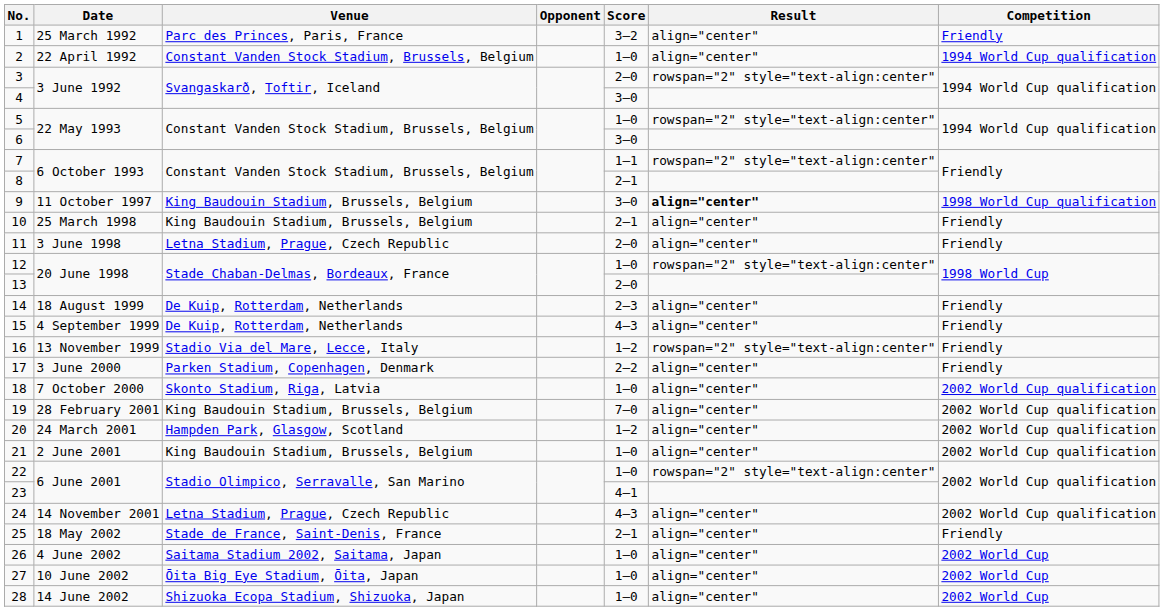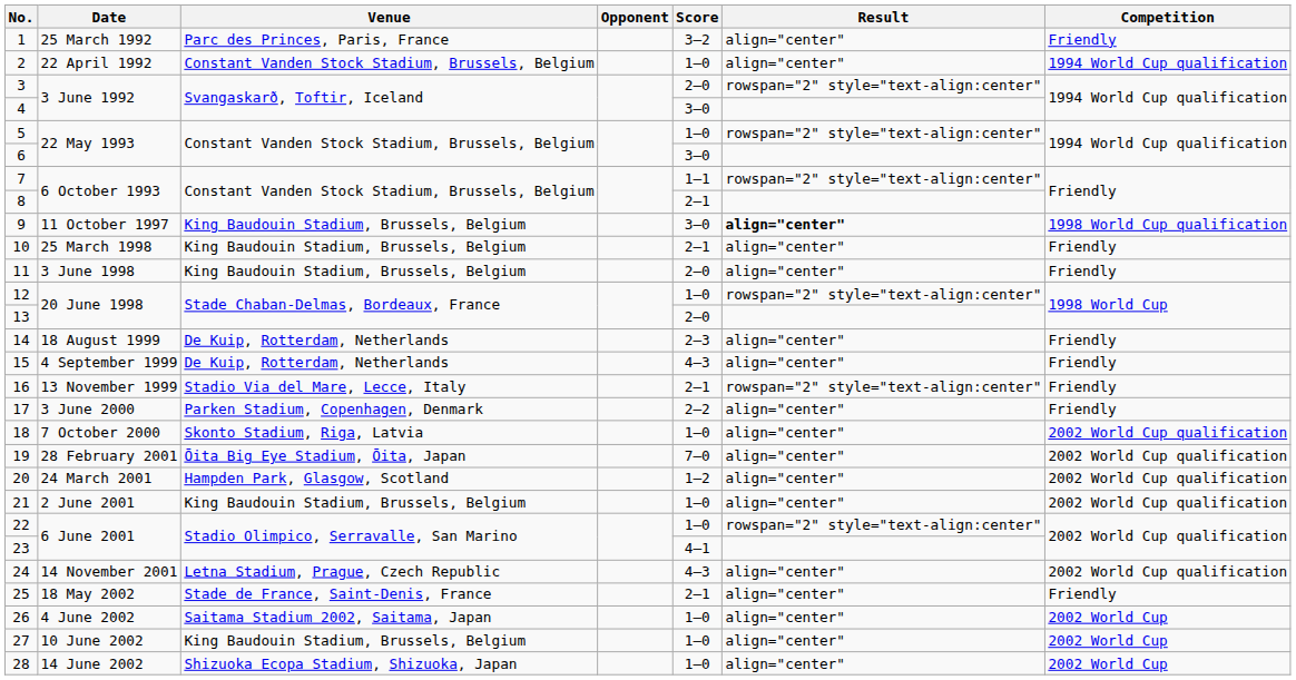 <table class="wikitable sortable">
 <tr>
 <th scope="col">No.</th>
 <th scope="col">Date</th>
 <th scope="col">Venue</th>
 <th scope="col">Opponent</th>
 <th scope="col">Score</th>
 <th scope="col">Result</th>
 <th scope="col">Competition</th>
 </tr>
 <tr>
 <td align="center">1</td>
 <td>25 March 1992</td>
 <td><a href='#'>Parc des Princes</a>, Paris, France</td>
 <td></td>
 <td align="center">3–2</td>
 <td>align="center"</td>
 <td><a href='#'>Friendly</a></td>
 </tr>
 <tr>
 <td align="center">2</td>
 <td>22 April 1992</td>
 <td><a href='#'>Constant Vanden Stock Stadium</a>, <a href='#'>Brussels</a>, Belgium</td>
 <td></td>
 <td align="center">1–0</td>
 <td>align="center"</td>
 <td><a href='#'>1994 World Cup qualification</a></td>
 </tr>
 <tr>
 <td align="center">3</td>
 <td rowspan="2">3 June 1992</td>
 <td rowspan="2"><a href='#'>Svangaskarð</a>, <a href='#'>Toftir</a>, Iceland</td>
 <td rowspan="2"></td>
 <td align="center">2–0</td>
 <td>rowspan="2" style="text-align:center"</td>
 <td rowspan="2">1994 World Cup qualification</td>
 </tr>
 <tr>
 <td align="center">4</td>
 <td align="center">3–0</td>
 </tr>
 <tr>
 <td align="center">5</td>
 <td rowspan="2">22 May 1993</td>
 <td rowspan="2">Constant Vanden Stock Stadium, Brussels, Belgium</td>
 <td rowspan="2"></td>
 <td align="center">1–0</td>
 <td>rowspan="2" style="text-align:center"</td>
 <td rowspan="2">1994 World Cup qualification</td>
 </tr>
 <tr>
 <td align="center">6</td>
 <td align="center">3–0</td>
 </tr>
 <tr>
 <td align="center">7</td>
 <td rowspan="2">6 October 1993</td>
 <td rowspan="2">Constant Vanden Stock Stadium, Brussels, Belgium</td>
 <td rowspan="2"></td>
 <td align="center">1–1</td>
 <td>rowspan="2" style="text-align:center"</td>
 <td rowspan="2">Friendly</td>
 </tr>
 <tr>
 <td align="center">8</td>
 <td align="center">2–1</td>
 </tr>
 <tr>
 <td align="center">9</td>
 <td>11 October 1997</td>
 <td><a href='#'>King Baudouin Stadium</a>, Brussels, Belgium</td>
 <td></td>
 <td align="center">3–0</td>
 <td><strong>align="center"</strong></td>
 <td><a href='#'>1998 World Cup qualification</a></td>
 </tr>
 <tr>
 <td align="center">10</td>
 <td>25 March 1998</td>
 <td>King Baudouin Stadium, Brussels, Belgium</td>
 <td></td>
 <td align="center">2–1</td>
 <td>align="center"</td>
 <td>Friendly</td>
 </tr>
 <tr>
 <td align="center">11</td>
 <td>3 June 1998</td>
-<td><a href='#'>Letna Stadium</a>, <a href='#'>Prague</a>, Czech Republic</td>
+<td>King Baudouin Stadium, Brussels, Belgium</td>
 <td></td>
 <td align="center">2–0</td>
 <td>align="center"</td>
 <td>Friendly</td>
 </tr>
 <tr>
 <td align="center">12</td>
 <td rowspan="2">20 June 1998</td>
 <td rowspan="2"><a href='#'>Stade Chaban-Delmas</a>, <a href='#'>Bordeaux</a>, France</td>
 <td rowspan="2"></td>
 <td align="center">1–0</td>
 <td>rowspan="2" style="text-align:center"</td>
 <td rowspan="2"><a href='#'>1998 World Cup</a></td>
 </tr>
 <tr>
 <td align="center">13</td>
 <td align="center">2–0</td>
 </tr>
 <tr>
 <td align="center">14</td>
 <td>18 August 1999</td>
 <td><a href='#'>De Kuip</a>, <a href='#'>Rotterdam</a>, Netherlands</td>
 <td></td>
 <td align="center">2–3</td>
 <td>align="center"</td>
 <td>Friendly</td>
 </tr>
 <tr>
 <td align="center">15</td>
 <td>4 September 1999</td>
 <td><a href='#'>De Kuip</a>, <a href='#'>Rotterdam</a>, Netherlands</td>
 <td></td>
 <td align="center">4–3</td>
 <td>align="center"</td>
 <td>Friendly</td>
 </tr>
 <tr>
 <td align="center">16</td>
 <td>13 November 1999</td>
 <td><a href='#'>Stadio Via del Mare</a>, <a href='#'>Lecce</a>, Italy</td>
 <td></td>
-<td align="center">1–2</td>
+<td align="center">2–1</td>
 <td>rowspan="2" style="text-align:center"</td>
 <td>Friendly</td>
 </tr>
 <tr>
 <td align="center">17</td>
 <td>3 June 2000</td>
 <td><a href='#'>Parken Stadium</a>, <a href='#'>Copenhagen</a>, Denmark</td>
 <td></td>
 <td align="center">2–2</td>
 <td>align="center"</td>
 <td>Friendly</td>
 </tr>
 <tr>
 <td align="center">18</td>
 <td>7 October 2000</td>
 <td><a href='#'>Skonto Stadium</a>, <a href='#'>Riga</a>, Latvia</td>
 <td></td>
 <td align="center">1–0</td>
 <td>align="center"</td>
 <td><a href='#'>2002 World Cup qualification</a></td>
 </tr>
 <tr>
 <td align="center">19</td>
 <td>28 February 2001</td>
-<td>King Baudouin Stadium, Brussels, Belgium</td>
+<td><a href='#'>Ōita Big Eye Stadium</a>, <a href='#'>Ōita</a>, Japan</td>
 <td></td>
 <td align="center">7–0</td>
 <td>align="center"</td>
 <td>2002 World Cup qualification</td>
 </tr>
 <tr>
 <td align="center">20</td>
 <td>24 March 2001</td>
 <td><a href='#'>Hampden Park</a>, <a href='#'>Glasgow</a>, Scotland</td>
 <td></td>
 <td align="center">1–2</td>
 <td>align="center"</td>
 <td>2002 World Cup qualification</td>
 </tr>
 <tr>
 <td align="center">21</td>
 <td>2 June 2001</td>
 <td>King Baudouin Stadium, Brussels, Belgium</td>
 <td></td>
 <td align="center">1–0</td>
 <td>align="center"</td>
 <td>2002 World Cup qualification</td>
 </tr>
 <tr>
 <td align="center">22</td>
 <td rowspan="2">6 June 2001</td>
 <td rowspan="2"><a href='#'>Stadio Olimpico</a>, <a href='#'>Serravalle</a>, San Marino</td>
 <td rowspan="2"></td>
 <td align="center">1–0</td>
 <td>rowspan="2" style="text-align:center"</td>
 <td rowspan="2">2002 World Cup qualification</td>
 </tr>
 <tr>
 <td align="center">23</td>
 <td align="center">4–1</td>
 </tr>
 <tr>
 <td align="center">24</td>
 <td>14 November 2001</td>
 <td><a href='#'>Letna Stadium</a>, <a href='#'>Prague</a>, Czech Republic</td>
 <td></td>
 <td align="center">4–3</td>
 <td>align="center"</td>
 <td>2002 World Cup qualification</td>
 </tr>
 <tr>
 <td align="center">25</td>
 <td>18 May 2002</td>
 <td><a href='#'>Stade de France</a>, <a href='#'>Saint-Denis</a>, France</td>
 <td></td>
 <td align="center">2–1</td>
 <td>align="center"</td>
 <td>Friendly</td>
 </tr>
 <tr>
 <td align="center">26</td>
 <td>4 June 2002</td>
 <td><a href='#'>Saitama Stadium 2002</a>, <a href='#'>Saitama</a>, Japan</td>
 <td></td>
 <td align="center">1–0</td>
 <td>align="center"</td>
 <td><a href='#'>2002 World Cup</a></td>
 </tr>
 <tr>
 <td align="center">27</td>
 <td>10 June 2002</td>
-<td><a href='#'>Ōita Big Eye Stadium</a>, <a href='#'>Ōita</a>, Japan</td>
+<td>King Baudouin Stadium, Brussels, Belgium</td>
 <td></td>
 <td align="center">1–0</td>
 <td>align="center"</td>
 <td><a href='#'>2002 World Cup</a></td>
 </tr>
 <tr>
 <td align="center">28</td>
 <td>14 June 2002</td>
 <td><a href='#'>Shizuoka Ecopa Stadium</a>, <a href='#'>Shizuoka</a>, Japan</td>
 <td></td>
 <td align="center">1–0</td>
 <td>align="center"</td>
 <td><a href='#'>2002 World Cup</a></td>
 </tr>
 </table>
